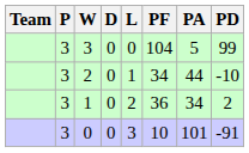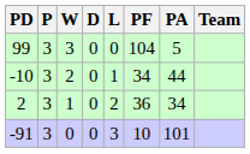 <table class="wikitable" style="text-align: center;">
 <tr>
-<th>Team</th>
+<th>PD</th>
 <th>P</th>
 <th>W</th>
 <th>D</th>
 <th>L</th>
 <th>PF</th>
 <th>PA</th>
-<th>PD</th>
+<th>Team</th>
 </tr>
 <tr bgcolor=ccffcc>
-<td align="left"></td>
+<td>99</td>
 <td>3</td>
 <td>3</td>
 <td>0</td>
 <td>0</td>
 <td>104</td>
 <td>5</td>
-<td>99</td>
+<td align="left"></td>
 </tr>
 <tr bgcolor=ccffcc>
-<td align="left"></td>
+<td>-10</td>
 <td>3</td>
 <td>2</td>
 <td>0</td>
 <td>1</td>
 <td>34</td>
 <td>44</td>
-<td>-10</td>
+<td align="left"></td>
 </tr>
 <tr bgcolor=ccffcc>
-<td align="left"></td>
+<td>2</td>
 <td>3</td>
 <td>1</td>
 <td>0</td>
 <td>2</td>
 <td>36</td>
 <td>34</td>
-<td>2</td>
+<td align="left"></td>
 </tr>
 <tr bgcolor=ccccff>
-<td align="left"></td>
+<td>-91</td>
 <td>3</td>
 <td>0</td>
 <td>0</td>
 <td>3</td>
 <td>10</td>
 <td>101</td>
-<td>-91</td>
+<td align="left"></td>
 </tr>
 </table>
